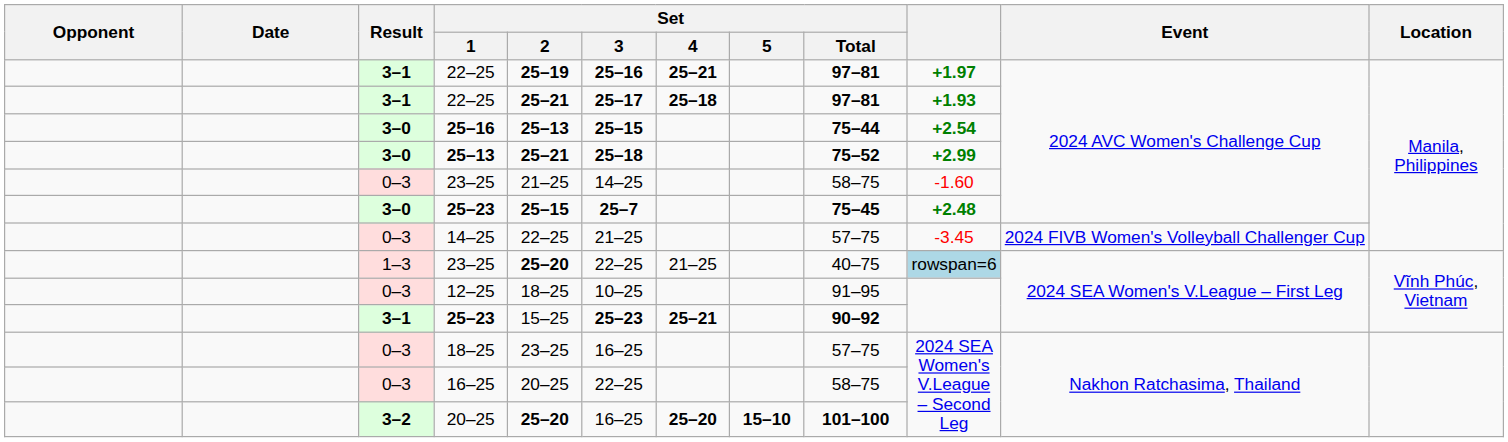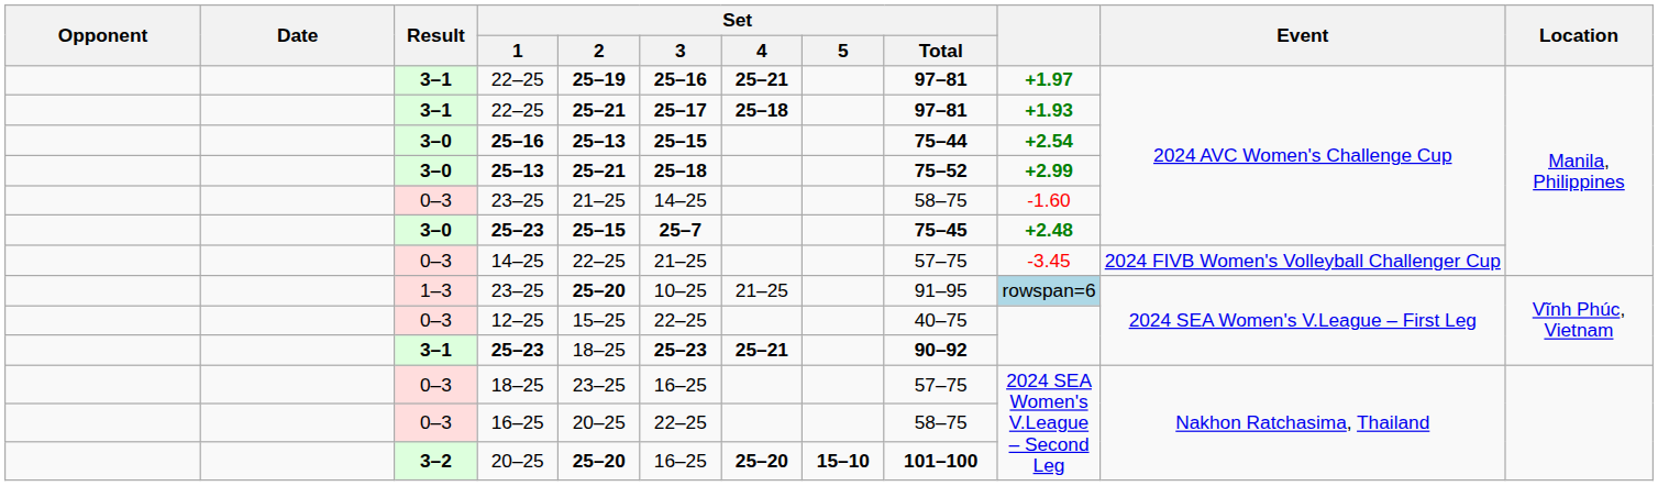 <table class="wikitable" style="font-size:90%; width=100%">
 <tr>
 <th rowspan=2 width=12%>Opponent</th>
 <th rowspan=2 width=12%>Date</th>
 <th rowspan=2 width=5%>Result</th>
 <th colspan=6>Set</th>
 <th rowspan=2 width=5%></th>
 <th rowspan=2 width=25%>Event</th>
 <th rowspan=2 width=15%>Location</th>
 </tr>
 <tr>
 <th width=5%>1</th>
 <th width=5%>2</th>
 <th width=5%>3</th>
 <th width=5%>4</th>
 <th width=5%>5</th>
 <th width=7%>Total</th>
 </tr>
 <tr style="text-align:center;">
 <td style="text-align:left;"></td>
 <td></td>
 <td style="background:#ddffdd;"><strong>3–1</strong></td>
 <td>22–25</td>
 <td><strong>25–19</strong></td>
 <td><strong>25–16</strong></td>
 <td><strong>25–21</strong></td>
 <td></td>
 <td><strong>97–81</strong></td>
 <td style="color:green"><strong>+1.97</strong></td>
 <td rowspan=6><a href='#'>2024 AVC Women's Challenge Cup</a></td>
 <td rowspan=7><a href='#'>Manila</a>, <a href='#'>Philippines</a></td>
 </tr>
 <tr style="text-align:center;">
 <td style="text-align:left;"></td>
 <td></td>
 <td style="background:#ddffdd;"><strong>3–1</strong></td>
 <td>22–25</td>
 <td><strong>25–21</strong></td>
 <td><strong>25–17</strong></td>
 <td><strong>25–18</strong></td>
 <td></td>
 <td><strong>97–81</strong></td>
 <td style="color:green"><strong>+1.93</strong></td>
 </tr>
 <tr style="text-align:center;">
 <td style="text-align:left;"></td>
 <td></td>
 <td style="background:#ddffdd;"><strong>3–0</strong></td>
 <td><strong>25–16</strong></td>
 <td><strong>25–13</strong></td>
 <td><strong>25–15</strong></td>
 <td></td>
 <td></td>
 <td><strong>75–44</strong></td>
 <td style="color:green"><strong>+2.54</strong></td>
 </tr>
 <tr style="text-align:center;">
 <td style="text-align:left;"></td>
 <td></td>
 <td style="background:#ddffdd;"><strong>3–0</strong></td>
 <td><strong>25–13</strong></td>
 <td><strong>25–21</strong></td>
 <td><strong>25–18</strong></td>
 <td></td>
 <td></td>
 <td><strong>75–52</strong></td>
 <td style="color:green"><strong>+2.99</strong></td>
 </tr>
 <tr style="text-align:center;">
 <td style="text-align:left;"></td>
 <td></td>
 <td style="background:#ffdddd;">0–3</td>
 <td>23–25</td>
 <td>21–25</td>
 <td>14–25</td>
 <td></td>
 <td></td>
 <td>58–75</td>
 <td style="color:red">-1.60</td>
 </tr>
 <tr style="text-align:center;">
 <td style="text-align:left;"></td>
 <td></td>
 <td style="background:#ddffdd;"><strong>3–0</strong></td>
 <td><strong>25–23</strong></td>
 <td><strong>25–15</strong></td>
 <td><strong>25–7</strong></td>
 <td></td>
 <td></td>
 <td><strong>75–45</strong></td>
 <td style="color:green"><strong>+2.48</strong></td>
 </tr>
 <tr style="text-align:center;">
 <td style="text-align:left;"></td>
 <td></td>
 <td style="background:#ffdddd;">0–3</td>
 <td>14–25</td>
 <td>22–25</td>
 <td>21–25</td>
 <td></td>
 <td></td>
 <td>57–75</td>
 <td style="color:red">-3.45</td>
 <td><a href='#'>2024 FIVB Women's Volleyball Challenger Cup</a></td>
 </tr>
 <tr style="text-align:center;">
 <td style="text-align:left;"></td>
 <td></td>
 <td style="background:#ffdddd;">1–3</td>
 <td>23–25</td>
 <td><strong>25–20</strong></td>
-<td>22–25</td>
+<td>10–25</td>
 <td>21–25</td>
 <td></td>
-<td>40–75</td>
+<td>91–95</td>
 <td style="background: lightblue;">rowspan=6 </td>
 <td rowspan=3><a href='#'>2024 SEA Women's V.League – First Leg</a></td>
 <td rowspan=3><a href='#'>Vĩnh Phúc</a>, <a href='#'>Vietnam</a></td>
 </tr>
 <tr style="text-align:center;">
 <td style="text-align:left;"></td>
 <td></td>
 <td style="background:#ffdddd;">0–3</td>
 <td>12–25</td>
-<td>18–25</td>
-<td>10–25</td>
+<td>15–25</td>
+<td>22–25</td>
 <td></td>
 <td></td>
-<td>91–95</td>
+<td>40–75</td>
 </tr>
 <tr style="text-align:center;">
 <td style="text-align:left;"></td>
 <td></td>
 <td style="background:#ddffdd;"><strong>3–1</strong></td>
 <td><strong>25–23</strong></td>
-<td>15–25</td>
+<td>18–25</td>
 <td><strong>25–23</strong></td>
 <td><strong>25–21</strong></td>
 <td></td>
 <td><strong>90–92</strong></td>
 </tr>
 <tr style="text-align:center;">
 <td style="text-align:left;"></td>
 <td></td>
 <td style="background:#ffdddd;">0–3</td>
 <td>18–25</td>
 <td>23–25</td>
 <td>16–25</td>
 <td></td>
 <td></td>
 <td>57–75</td>
 <td rowspan=3><a href='#'>2024 SEA Women's V.League – Second Leg</a></td>
 <td rowspan=3><a href='#'>Nakhon Ratchasima</a>, <a href='#'>Thailand</a></td>
 </tr>
 <tr style="text-align:center;">
 <td style="text-align:left;"></td>
 <td></td>
 <td style="background:#ffdddd;">0–3</td>
 <td>16–25</td>
 <td>20–25</td>
 <td>22–25</td>
 <td></td>
 <td></td>
 <td>58–75</td>
 </tr>
 <tr style="text-align:center;">
 <td style="text-align:left;"></td>
 <td></td>
 <td style="background:#ddffdd;"><strong>3–2</strong></td>
 <td>20–25</td>
 <td><strong>25–20</strong></td>
 <td>16–25</td>
 <td><strong>25–20</strong></td>
 <td><strong>15–10</strong></td>
 <td><strong>101–100</strong></td>
 </tr>
 </table>
